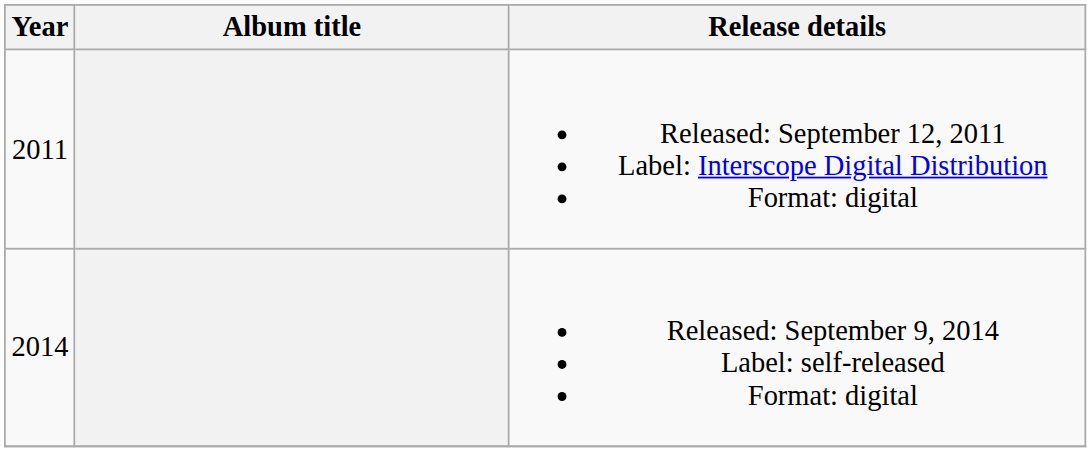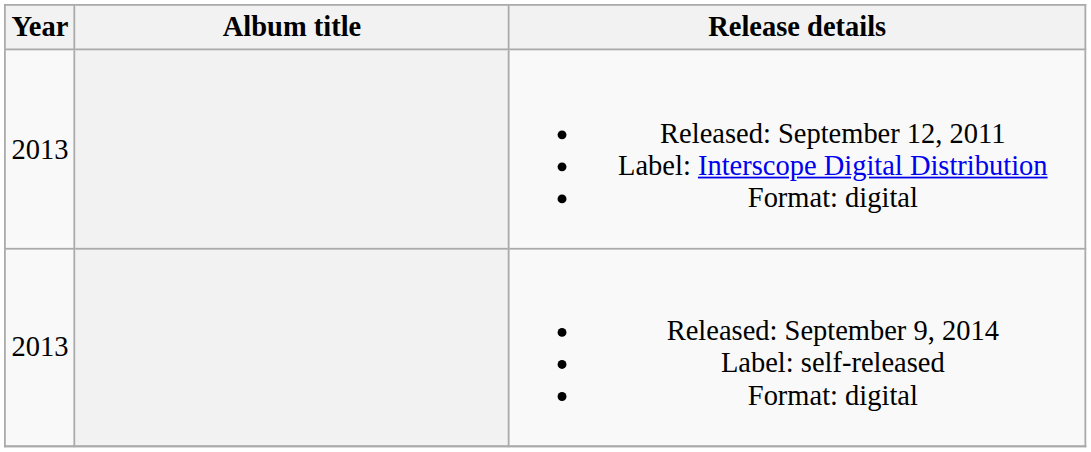 <table class="wikitable plainrowheaders" style="text-align:center;">
 <tr>
 <th>Year</th>
 <th scope="col" rowspan="1" style="width:15em;">Album title</th>
 <th scope="col" rowspan="1" style="width:20em;">Release details</th>
 </tr>
 <tr>
-<td>2011</td>
+<td>2013</td>
 <th></th>
 <td><br><ul><li>Released: September 12, 2011</li><li>Label: <a href='#'>Interscope Digital Distribution</a></li><li>Format: digital</li></ul></td>
 </tr>
 <tr>
-<td>2014</td>
+<td>2013</td>
 <th></th>
 <td><br><ul><li>Released: September 9, 2014</li><li>Label:  self-released</li><li>Format: digital</li></ul></td>
 </tr>
 <tr>
 </tr>
 </table>
